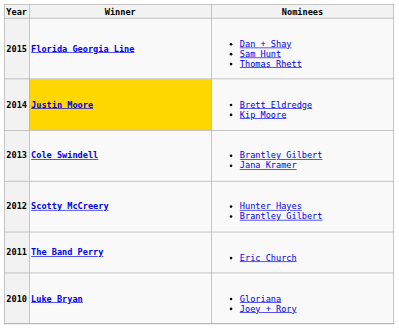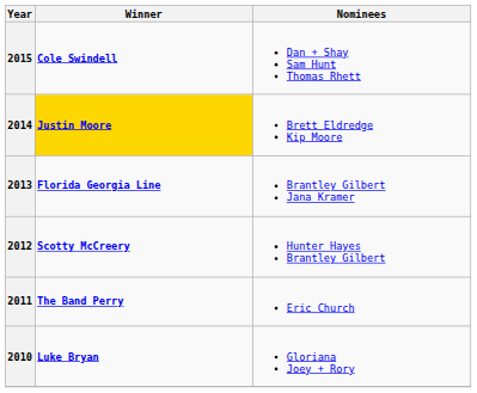 <table class="wikitable sortable">
 <tr>
 <th width="30px">Year</th>
 <th width="270px">Winner</th>
 <th width="270px">Nominees</th>
 </tr>
 <tr>
 <th>2015</th>
-<td> <strong><a href='#'>Florida Georgia Line</a></strong></td>
+<td> <strong><a href='#'>Cole Swindell</a></strong></td>
 <td><br><ul><li><a href='#'>Dan + Shay</a></li><li><a href='#'>Sam Hunt</a></li><li><a href='#'>Thomas Rhett</a></li></ul></td>
 </tr>
 <tr>
 <th>2014</th>
 <td style="background: gold;"> <strong><a href='#'>Justin Moore</a></strong></td>
 <td><br><ul><li><a href='#'>Brett Eldredge</a></li><li><a href='#'>Kip Moore</a></li></ul></td>
 </tr>
 <tr>
 <th>2013</th>
-<td> <strong><a href='#'>Cole Swindell</a></strong></td>
+<td> <strong><a href='#'>Florida Georgia Line</a></strong></td>
 <td><br><ul><li><a href='#'>Brantley Gilbert</a></li><li><a href='#'>Jana Kramer</a></li></ul></td>
 </tr>
 <tr>
 <th>2012</th>
 <td> <strong><a href='#'>Scotty McCreery</a></strong></td>
 <td><br><ul><li><a href='#'>Hunter Hayes</a></li><li><a href='#'>Brantley Gilbert</a></li></ul></td>
 </tr>
 <tr>
 <th>2011</th>
 <td> <strong><a href='#'>The Band Perry</a></strong></td>
 <td><br><ul><li><a href='#'>Eric Church</a></li></ul></td>
 </tr>
 <tr>
 <th>2010</th>
 <td> <strong><a href='#'>Luke Bryan</a></strong></td>
 <td><br><ul><li><a href='#'>Gloriana</a></li><li><a href='#'>Joey + Rory</a></li></ul></td>
 </tr>
 <tr>
 </tr>
 </table>
